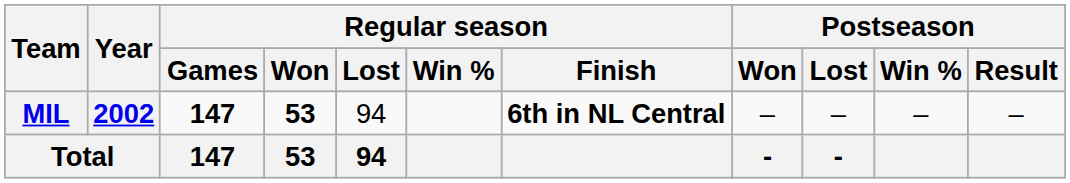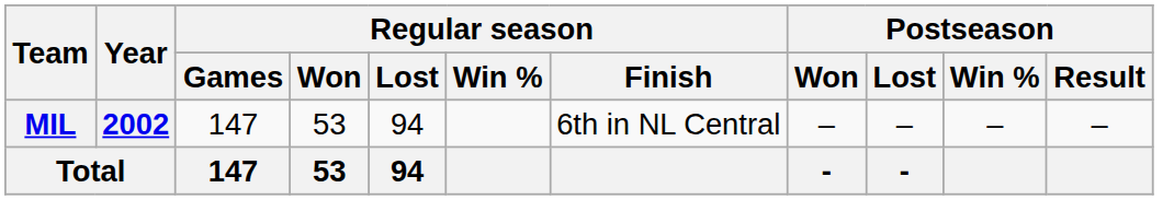 <table class="wikitable" style="font-size: 95%; text-align:center;">
 <tr>
 <th rowspan="2">Team</th>
 <th rowspan="2">Year</th>
 <th colspan="5">Regular season</th>
 <th colspan="4">Postseason</th>
 </tr>
 <tr>
 <th>Games</th>
 <th>Won</th>
 <th>Lost</th>
 <th>Win %</th>
 <th>Finish</th>
 <th>Won</th>
 <th>Lost</th>
 <th>Win %</th>
 <th>Result</th>
 </tr>
 <tr ! style=>
 <th><a href='#'>MIL</a></th>
 <th><a href='#'>2002</a></th>
-<td><strong>147</strong></td>
-<td><strong>53</strong></td>
+<td>147</td>
+<td>53</td>
 <td>94</td>
 <td></td>
-<td><strong>6th in NL Central</strong></td>
+<td>6th in NL Central</td>
 <td>–</td>
 <td>–</td>
 <td>–</td>
 <td>–</td>
 </tr>
 <tr>
 <th colspan="2">Total</th>
 <th>147</th>
 <th>53</th>
 <th>94</th>
 <th></th>
 <th></th>
 <th>-</th>
 <th>-</th>
 <th></th>
 <th></th>
 </tr>
 </table>
